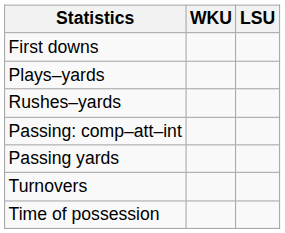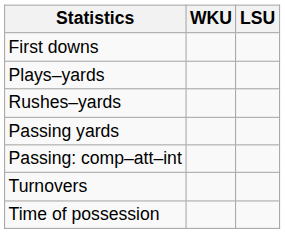 <table class="wikitable" style="float:left">
 <tr>
 <th>Statistics</th>
 <th>WKU</th>
 <th>LSU</th>
 </tr>
 <tr>
 <td>First downs</td>
 <td></td>
 <td></td>
 </tr>
 <tr>
 <td>Plays–yards</td>
 <td></td>
 <td></td>
 </tr>
 <tr>
 <td>Rushes–yards</td>
 <td></td>
 <td></td>
 </tr>
 <tr>
-<td>Passing: comp–att–int</td>
+<td>Passing yards</td>
 <td></td>
 <td></td>
 </tr>
 <tr>
-<td>Passing yards</td>
+<td>Passing: comp–att–int</td>
 <td></td>
 <td></td>
 </tr>
 <tr>
 <td>Turnovers</td>
 <td></td>
 <td></td>
 </tr>
 <tr>
 <td>Time of possession</td>
 <td></td>
 <td></td>
 </tr>
 </table>
